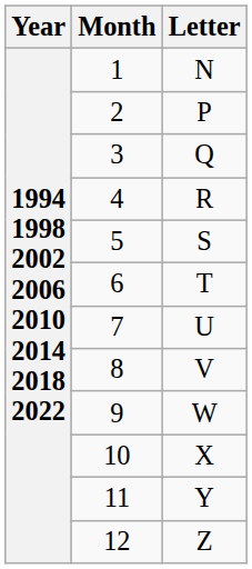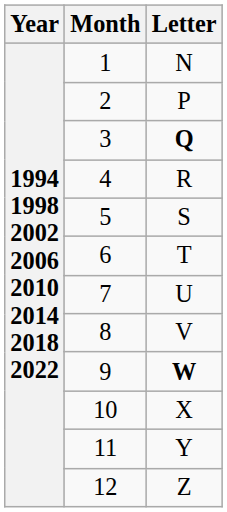 <table class="wikitable" style="float:left; margin-right:2em;">
 <tr>
 <th>Year</th>
 <th>Month</th>
 <th>Letter</th>
 </tr>
 <tr style="text-align:center;">
 <th rowspan="12">1994<br>1998<br>2002<br>2006<br>2010<br>2014<br>2018<br>2022</th>
 <td>1</td>
 <td>N</td>
 </tr>
 <tr style="text-align:center;">
 <td>2</td>
 <td>P</td>
 </tr>
 <tr style="text-align:center;">
 <td>3</td>
-<td>Q</td>
+<td><strong>Q</strong></td>
 </tr>
 <tr style="text-align:center;">
 <td>4</td>
 <td>R</td>
 </tr>
 <tr style="text-align:center;">
 <td>5</td>
 <td>S</td>
 </tr>
 <tr style="text-align:center;">
 <td>6</td>
 <td>T</td>
 </tr>
 <tr style="text-align:center;">
 <td>7</td>
 <td>U</td>
 </tr>
 <tr style="text-align:center;">
 <td>8</td>
 <td>V</td>
 </tr>
 <tr style="text-align:center;">
 <td>9</td>
-<td>W</td>
+<td><strong>W</strong></td>
 </tr>
 <tr style="text-align:center;">
 <td>10</td>
 <td>X</td>
 </tr>
 <tr style="text-align:center;">
 <td>11</td>
 <td>Y</td>
 </tr>
 <tr style="text-align:center;">
 <td>12</td>
 <td>Z</td>
 </tr>
 </table>
